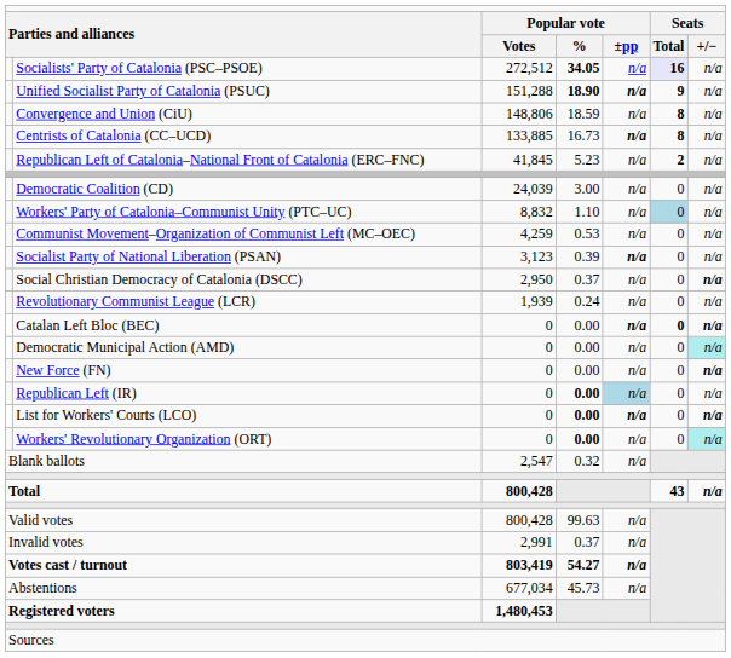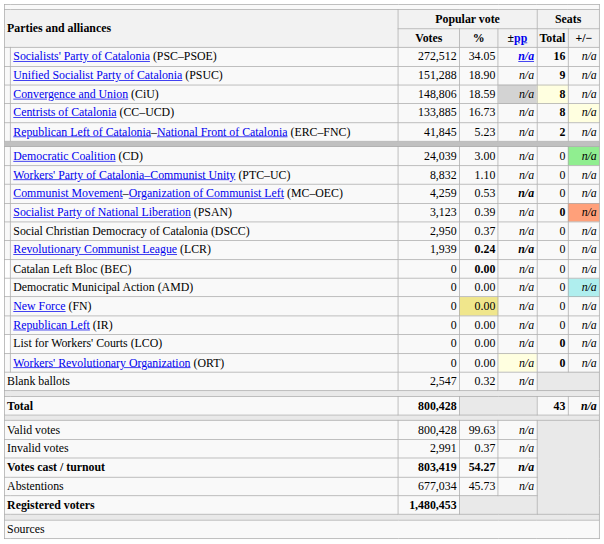 <table class="wikitable" style="text-align:right;">
 <tr>
 <td colspan="7"></td>
 </tr>
 <tr>
 <th style="text-align:left;" rowspan="2" colspan="2" width="525">Parties and alliances</th>
 <th colspan="3">Popular vote</th>
 <th colspan="2">Seats</th>
 </tr>
 <tr>
 <th width="75">Votes</th>
 <th width="45">%</th>
 <th width="45">±<a href='#'>pp</a></th>
 <th width="35">Total</th>
 <th width="35">+/−</th>
 </tr>
 <tr>
 <td width="1" style="color:inherit;background:"></td>
 <td align="left"><a href='#'>Socialists' Party of Catalonia</a> (PSC–PSOE)</td>
 <td>272,512</td>
-<td><strong>34.05</strong></td>
-<td><em><a href='#'>n/a</a></em></td>
-<td style="background: lavender;"><strong>16</strong></td>
+<td>34.05</td>
+<td><strong><em><a href='#'>n/a</a></em></strong></td>
+<td><strong>16</strong></td>
 <td><em>n/a</em></td>
 </tr>
 <tr>
 <td style="color:inherit;background:"></td>
 <td align="left"><a href='#'>Unified Socialist Party of Catalonia</a> (PSUC)</td>
 <td>151,288</td>
-<td><strong>18.90</strong></td>
-<td><strong><em>n/a</em></strong></td>
+<td>18.90</td>
+<td><em>n/a</em></td>
 <td><strong>9</strong></td>
 <td><em>n/a</em></td>
 </tr>
 <tr>
 <td style="color:inherit;background:"></td>
 <td align="left"><a href='#'>Convergence and Union</a> (CiU)</td>
 <td>148,806</td>
 <td>18.59</td>
-<td><em>n/a</em></td>
-<td><strong>8</strong></td>
+<td style="background: lightgrey;"><em>n/a</em></td>
+<td style="background: lightyellow;"><strong>8</strong></td>
 <td><em>n/a</em></td>
 </tr>
 <tr>
 <td style="color:inherit;background:"></td>
 <td align="left"><a href='#'>Centrists of Catalonia</a> (CC–UCD)</td>
 <td>133,885</td>
 <td>16.73</td>
-<td><strong><em>n/a</em></strong></td>
+<td><em>n/a</em></td>
 <td><strong>8</strong></td>
-<td><em>n/a</em></td>
+<td style="background: lightyellow;"><em>n/a</em></td>
 </tr>
 <tr>
 <td style="color:inherit;background:"></td>
 <td align="left"><a href='#'>Republican Left of Catalonia</a>–<a href='#'>National Front of Catalonia</a> (ERC–FNC)</td>
 <td>41,845</td>
 <td>5.23</td>
 <td><em>n/a</em></td>
 <td><strong>2</strong></td>
 <td><em>n/a</em></td>
 </tr>
 <tr>
 <td colspan="7" bgcolor="#C0C0C0"></td>
 </tr>
 <tr>
 <td style="color:inherit;background:"></td>
 <td align="left"><a href='#'>Democratic Coalition</a> (CD)</td>
 <td>24,039</td>
 <td>3.00</td>
 <td><em>n/a</em></td>
 <td>0</td>
-<td><em>n/a</em></td>
+<td style="background: lightgreen;"><em>n/a</em></td>
 </tr>
 <tr>
 <td style="color:inherit;background:"></td>
 <td align="left"><a href='#'>Workers' Party of Catalonia–Communist Unity</a> (PTC–UC)</td>
 <td>8,832</td>
 <td>1.10</td>
 <td><em>n/a</em></td>
-<td style="background: lightblue;">0</td>
+<td>0</td>
 <td><em>n/a</em></td>
 </tr>
 <tr>
 <td style="color:inherit;background:"></td>
 <td align="left"><a href='#'>Communist Movement</a>–<a href='#'>Organization of Communist Left</a> (MC–OEC)</td>
 <td>4,259</td>
 <td>0.53</td>
-<td><em>n/a</em></td>
+<td><strong><em>n/a</em></strong></td>
 <td>0</td>
 <td><em>n/a</em></td>
 </tr>
 <tr>
 <td style="color:inherit;background:"></td>
 <td align="left"><a href='#'>Socialist Party of National Liberation</a> (PSAN)</td>
 <td>3,123</td>
 <td>0.39</td>
-<td><strong><em>n/a</em></strong></td>
-<td>0</td>
 <td><em>n/a</em></td>
+<td><strong>0</strong></td>
+<td style="background: lightsalmon;"><em>n/a</em></td>
 </tr>
 <tr>
 <td style="color:inherit;background:"></td>
 <td align="left">Social Christian Democracy of Catalonia (DSCC)</td>
 <td>2,950</td>
 <td>0.37</td>
 <td><em>n/a</em></td>
 <td>0</td>
-<td><strong><em>n/a</em></strong></td>
+<td><em>n/a</em></td>
 </tr>
 <tr>
 <td style="color:inherit;background:"></td>
 <td align="left"><a href='#'>Revolutionary Communist League</a> (LCR)</td>
 <td>1,939</td>
-<td>0.24</td>
-<td><em>n/a</em></td>
+<td><strong>0.24</strong></td>
+<td><strong><em>n/a</em></strong></td>
 <td>0</td>
 <td><em>n/a</em></td>
 </tr>
 <tr>
 <td bgcolor="white"></td>
 <td align="left">Catalan Left Bloc (BEC)</td>
 <td>0</td>
-<td>0.00</td>
-<td><strong><em>n/a</em></strong></td>
-<td><strong>0</strong></td>
-<td><strong><em>n/a</em></strong></td>
+<td><strong>0.00</strong></td>
+<td><em>n/a</em></td>
+<td>0</td>
+<td><em>n/a</em></td>
 </tr>
 <tr>
 <td bgcolor="white"></td>
 <td align="left">Democratic Municipal Action (AMD)</td>
 <td>0</td>
 <td>0.00</td>
 <td><em>n/a</em></td>
 <td>0</td>
 <td style="background: paleturquoise;"><em>n/a</em></td>
 </tr>
 <tr>
 <td style="color:inherit;background:"></td>
 <td align="left"><a href='#'>New Force</a> (FN)</td>
 <td>0</td>
-<td>0.00</td>
+<td style="background: khaki;">0.00</td>
 <td><em>n/a</em></td>
 <td>0</td>
-<td><strong><em>n/a</em></strong></td>
+<td><em>n/a</em></td>
 </tr>
 <tr>
 <td style="color:inherit;background:"></td>
 <td align="left"><a href='#'>Republican Left</a> (IR)</td>
 <td>0</td>
-<td><strong>0.00</strong></td>
-<td style="background: lightblue;"><em>n/a</em></td>
+<td>0.00</td>
+<td><em>n/a</em></td>
 <td>0</td>
 <td><em>n/a</em></td>
 </tr>
 <tr>
 <td bgcolor="white"></td>
 <td align="left">List for Workers' Courts (LCO)</td>
 <td>0</td>
-<td><strong>0.00</strong></td>
-<td><strong><em>n/a</em></strong></td>
-<td>0</td>
-<td><strong><em>n/a</em></strong></td>
+<td>0.00</td>
+<td><em>n/a</em></td>
+<td><strong>0</strong></td>
+<td><em>n/a</em></td>
 </tr>
 <tr>
 <td style="color:inherit;background:"></td>
 <td align="left"><a href='#'>Workers' Revolutionary Organization</a> (ORT)</td>
 <td>0</td>
-<td><strong>0.00</strong></td>
+<td>0.00</td>
+<td style="background: lightyellow;"><em>n/a</em></td>
+<td><strong>0</strong></td>
 <td><em>n/a</em></td>
-<td>0</td>
-<td style="background: paleturquoise;"><em>n/a</em></td>
 </tr>
 <tr>
 <td align="left" colspan="2">Blank ballots</td>
 <td>2,547</td>
 <td>0.32</td>
 <td><em>n/a</em></td>
 <td bgcolor="#E9E9E9" colspan="2"></td>
 </tr>
 <tr>
 <td colspan="7" bgcolor="#E9E9E9"></td>
 </tr>
 <tr style="font-weight:bold;">
 <td align="left" colspan="2">Total</td>
 <td>800,428</td>
 <td bgcolor="#E9E9E9" colspan="2"></td>
 <td>43</td>
 <td><em>n/a</em></td>
 </tr>
 <tr>
 <td colspan="7" bgcolor="#E9E9E9"></td>
 </tr>
 <tr>
 <td align="left" colspan="2">Valid votes</td>
 <td>800,428</td>
 <td>99.63</td>
 <td><em>n/a</em></td>
 <td bgcolor="#E9E9E9" colspan="2" rowspan="5"></td>
 </tr>
 <tr>
 <td align="left" colspan="2">Invalid votes</td>
 <td>2,991</td>
 <td>0.37</td>
 <td><em>n/a</em></td>
 </tr>
 <tr style="font-weight:bold;">
 <td align="left" colspan="2">Votes cast / turnout</td>
 <td>803,419</td>
 <td>54.27</td>
 <td><em>n/a</em></td>
 </tr>
 <tr>
 <td align="left" colspan="2">Abstentions</td>
 <td>677,034</td>
 <td>45.73</td>
 <td><em>n/a</em></td>
 </tr>
 <tr style="font-weight:bold;">
 <td align="left" colspan="2">Registered voters</td>
 <td>1,480,453</td>
 <td bgcolor="#E9E9E9" colspan="2"></td>
 </tr>
 <tr>
 <td colspan="7" bgcolor="#E9E9E9"></td>
 </tr>
 <tr>
 <td align="left" colspan="7">Sources</td>
 </tr>
 </table>
